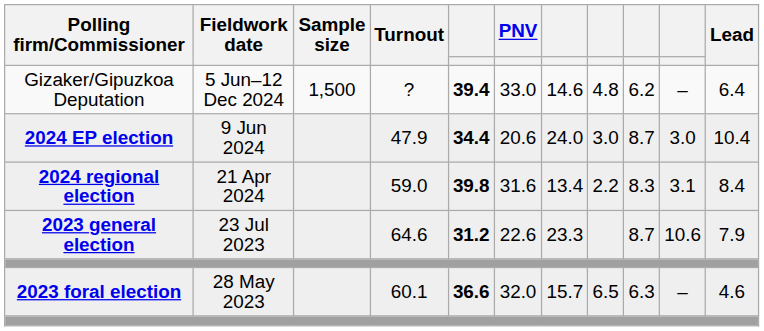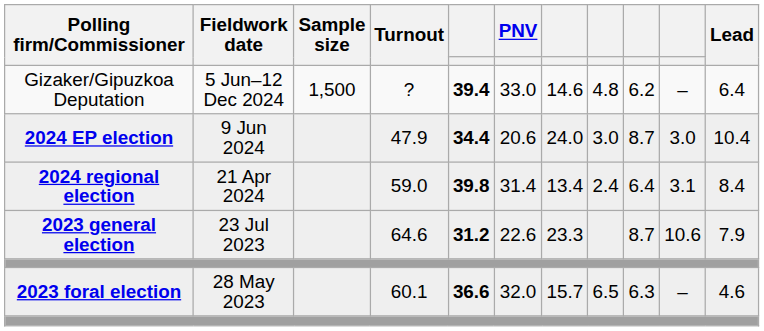 <table class="wikitable collapsible collapsed" style="text-align:center; font-size:95%; line-height:16px;">
 <tr style="height:42px;">
 <th style="width:250px;" rowspan="2">Polling firm/Commissioner</th>
 <th style="width:125px;" rowspan="2">Fieldwork date</th>
 <th style="width:50px;" rowspan="2">Sample size</th>
 <th style="width:45px;" rowspan="2">Turnout</th>
 <th style="width:35px;"></th>
 <th style="width:35px;"><a href='#'>PNV</a></th>
 <th style="width:35px;"></th>
 <th style="width:35px;"></th>
 <th style="width:35px;"></th>
 <th style="width:35px;"></th>
 <th style="width:30px;" rowspan="2">Lead</th>
 </tr>
 <tr>
 <th style="color:inherit;background:"></th>
 <th style="color:inherit;background:"></th>
 <th style="color:inherit;background:"></th>
 <th style="color:inherit;background:"></th>
 <th style="color:inherit;background:"></th>
 <th style="color:inherit;background:"></th>
 </tr>
 <tr>
 <td>Gizaker/Gipuzkoa Deputation</td>
 <td>5 Jun–12 Dec 2024</td>
 <td>1,500</td>
 <td>?</td>
 <td><strong>39.4</strong><br></td>
 <td>33.0<br></td>
 <td>14.6<br></td>
 <td>4.8<br></td>
 <td>6.2<br></td>
 <td>–</td>
 <td style="background:">6.4</td>
 </tr>
 <tr style="background:#EFEFEF;">
 <td><strong><a href='#'>2024 EP election</a></strong></td>
 <td>9 Jun 2024</td>
 <td></td>
 <td>47.9</td>
 <td><strong>34.4</strong></td>
 <td>20.6</td>
 <td>24.0</td>
 <td>3.0</td>
 <td>8.7</td>
 <td>3.0</td>
 <td style="background:">10.4</td>
 </tr>
 <tr style="background:#EFEFEF;">
 <td><strong><a href='#'>2024 regional election</a></strong></td>
 <td>21 Apr 2024</td>
 <td></td>
 <td>59.0</td>
 <td><strong>39.8</strong></td>
-<td>31.6</td>
+<td>31.4</td>
 <td>13.4</td>
-<td>2.2</td>
-<td>8.3</td>
+<td>2.4</td>
+<td>6.4</td>
 <td>3.1</td>
 <td style="background:">8.4</td>
 </tr>
 <tr style="background:#EFEFEF;">
 <td><strong><a href='#'>2023 general election</a></strong></td>
 <td>23 Jul 2023</td>
 <td></td>
 <td>64.6</td>
 <td><strong>31.2</strong></td>
 <td>22.6</td>
 <td>23.3</td>
 <td></td>
 <td>8.7</td>
 <td>10.6</td>
 <td style="background:">7.9</td>
 </tr>
 <tr>
 <td colspan="11" style="background:#A0A0A0"></td>
 </tr>
 <tr style="background:#EFEFEF;">
 <td><strong><a href='#'>2023 foral election</a></strong></td>
 <td>28 May 2023</td>
 <td></td>
 <td>60.1</td>
 <td><strong>36.6</strong><br></td>
 <td>32.0<br></td>
 <td>15.7<br></td>
 <td>6.5<br></td>
 <td>6.3<br></td>
 <td>–</td>
 <td style="background:">4.6</td>
 </tr>
 <tr>
 <td colspan="11" style="background:#A0A0A0"></td>
 </tr>
 </table>
